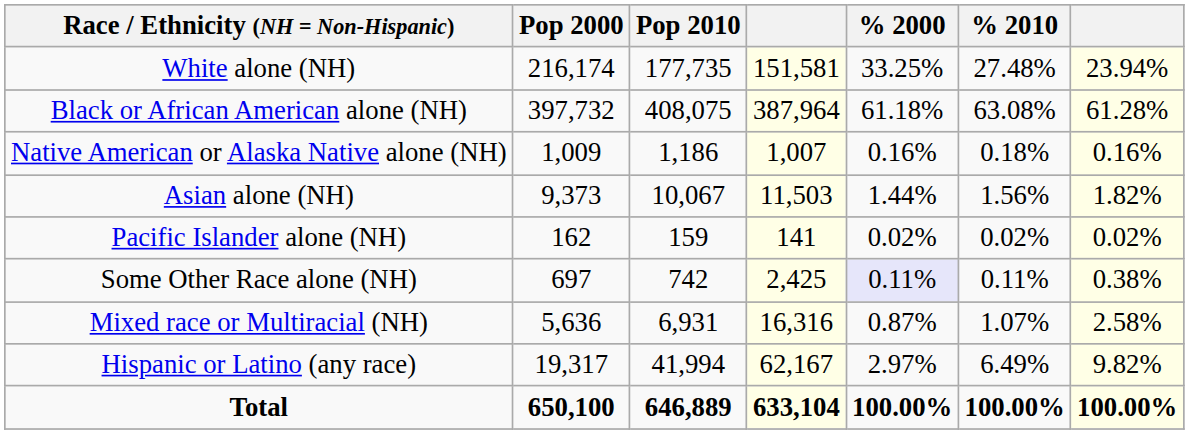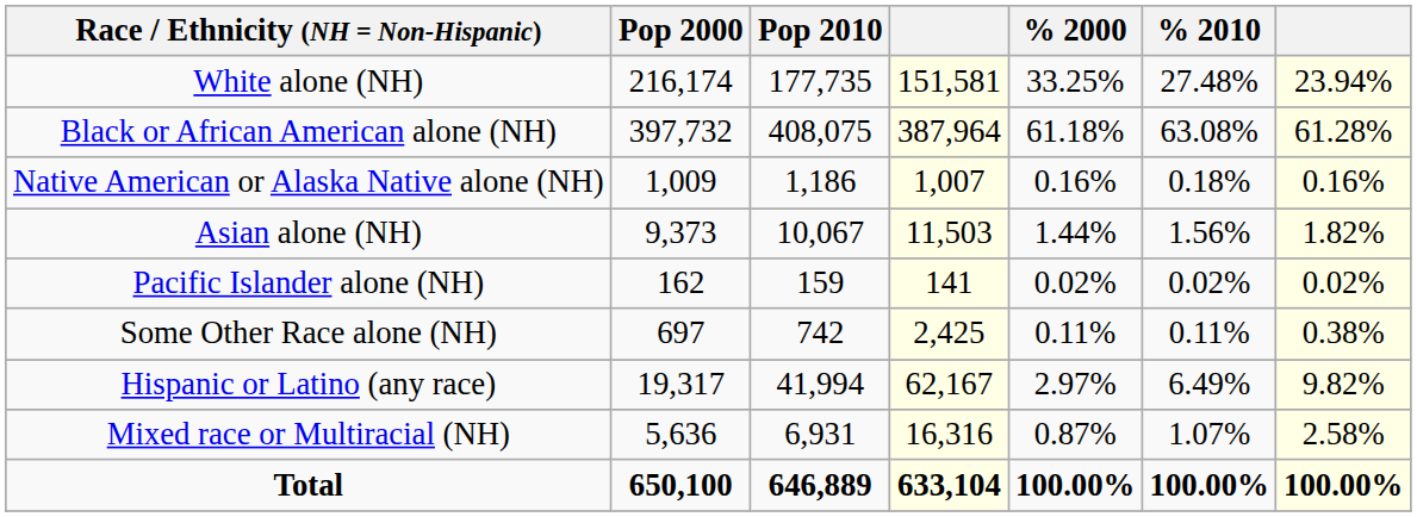 <table class="wikitable" style="text-align:center;">
 <tr>
 <th>Race / Ethnicity <small>(<em>NH = Non-Hispanic</em>)</small></th>
 <th>Pop 2000</th>
 <th>Pop 2010</th>
 <th></th>
 <th>% 2000</th>
 <th>% 2010</th>
 <th></th>
 </tr>
 <tr>
 <td><a href='#'>White</a> alone (NH)</td>
 <td>216,174</td>
 <td>177,735</td>
 <td style='background: #ffffe6;'>151,581</td>
 <td>33.25%</td>
 <td>27.48%</td>
 <td style='background: #ffffe6;'>23.94%</td>
 </tr>
 <tr>
 <td><a href='#'>Black or African American</a> alone (NH)</td>
 <td>397,732</td>
 <td>408,075</td>
 <td style='background: #ffffe6;'>387,964</td>
 <td>61.18%</td>
 <td>63.08%</td>
 <td style='background: #ffffe6;'>61.28%</td>
 </tr>
 <tr>
 <td><a href='#'>Native American</a> or <a href='#'>Alaska Native</a> alone (NH)</td>
 <td>1,009</td>
 <td>1,186</td>
 <td style='background: #ffffe6;'>1,007</td>
 <td>0.16%</td>
 <td>0.18%</td>
 <td style='background: #ffffe6;'>0.16%</td>
 </tr>
 <tr>
 <td><a href='#'>Asian</a> alone (NH)</td>
 <td>9,373</td>
 <td>10,067</td>
 <td style='background: #ffffe6;'>11,503</td>
 <td>1.44%</td>
 <td>1.56%</td>
 <td style='background: #ffffe6;'>1.82%</td>
 </tr>
 <tr>
 <td><a href='#'>Pacific Islander</a> alone (NH)</td>
 <td>162</td>
 <td>159</td>
 <td style='background: #ffffe6;'>141</td>
 <td>0.02%</td>
 <td>0.02%</td>
 <td style='background: #ffffe6;'>0.02%</td>
 </tr>
 <tr>
 <td>Some Other Race alone (NH)</td>
 <td>697</td>
 <td>742</td>
 <td style='background: #ffffe6;'>2,425</td>
-<td style="background: lavender;">0.11%</td>
+<td>0.11%</td>
 <td>0.11%</td>
 <td style='background: #ffffe6;'>0.38%</td>
+</tr>
+<tr>
+<td><a href='#'>Hispanic or Latino</a> (any race)</td>
+<td>19,317</td>
+<td>41,994</td>
+<td style='background: #ffffe6;'>62,167</td>
+<td>2.97%</td>
+<td>6.49%</td>
+<td style='background: #ffffe6;'>9.82%</td>
 </tr>
 <tr>
 <td><a href='#'>Mixed race or Multiracial</a> (NH)</td>
 <td>5,636</td>
 <td>6,931</td>
 <td style='background: #ffffe6;'>16,316</td>
 <td>0.87%</td>
 <td>1.07%</td>
 <td style='background: #ffffe6;'>2.58%</td>
 </tr>
 <tr>
-<td><a href='#'>Hispanic or Latino</a> (any race)</td>
-<td>19,317</td>
-<td>41,994</td>
-<td style='background: #ffffe6;'>62,167</td>
-<td>2.97%</td>
-<td>6.49%</td>
-<td style='background: #ffffe6;'>9.82%</td>
-</tr>
-<tr>
 <td><strong>Total</strong></td>
 <td><strong>650,100</strong></td>
 <td><strong>646,889</strong></td>
 <td style='background: #ffffe6;'><strong>633,104</strong></td>
 <td><strong>100.00%</strong></td>
 <td><strong>100.00%</strong></td>
 <td style='background: #ffffe6;'><strong>100.00%</strong></td>
 </tr>
 </table>
